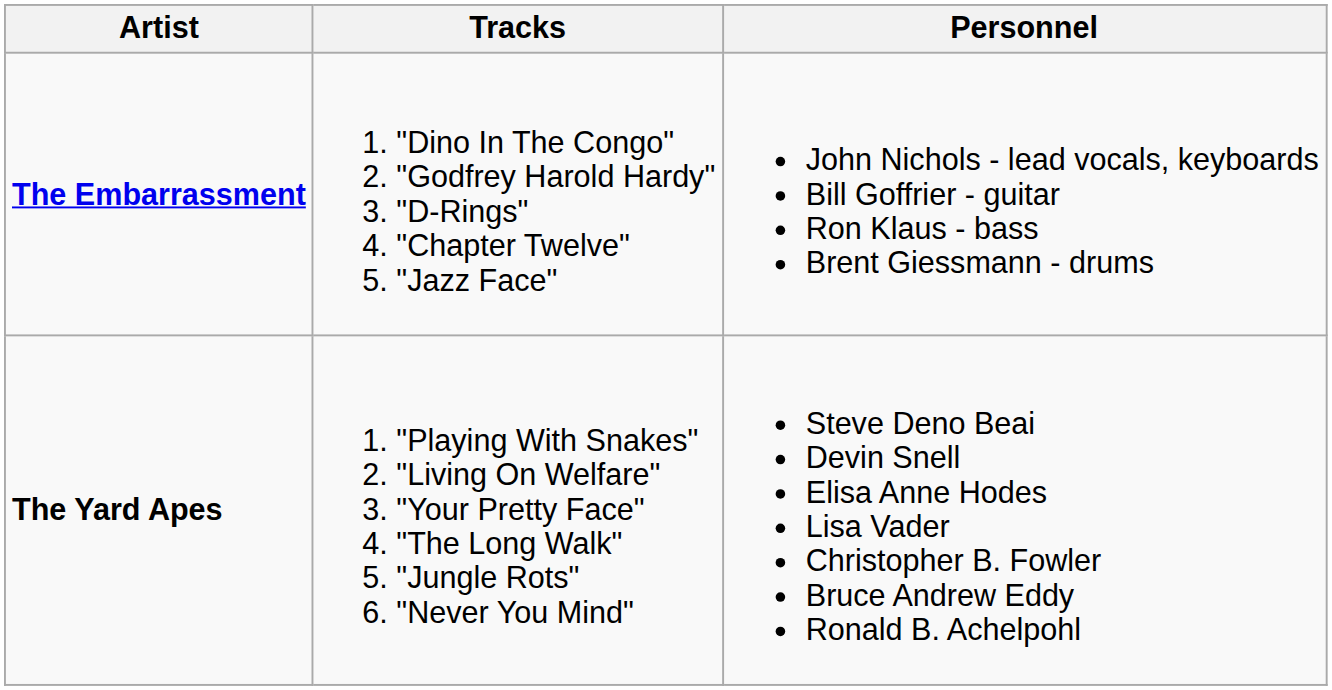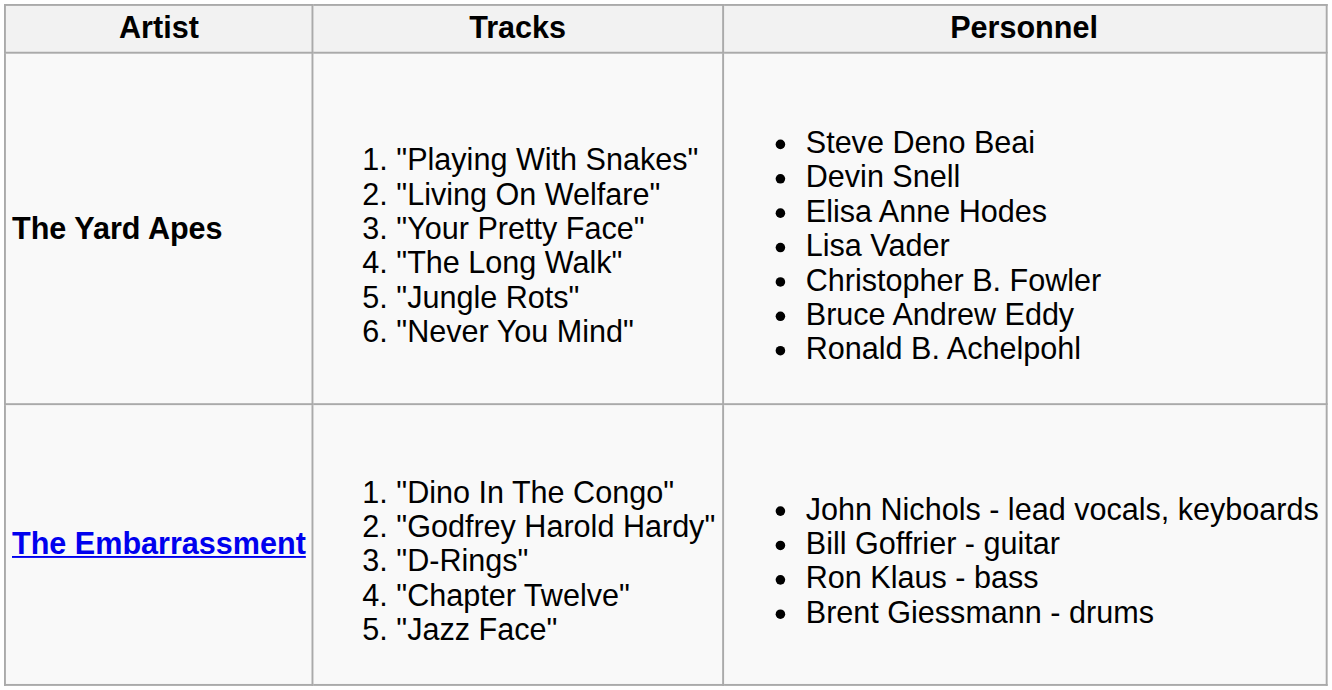 <table class="wikitable">
 <tr>
 <th>Artist</th>
 <th>Tracks</th>
 <th>Personnel</th>
 </tr>
 <tr>
+<td><strong>The Yard Apes</strong></td>
+<td><br><ol><li>"Playing With Snakes"</li><li>"Living On Welfare"</li><li>"Your Pretty Face"</li><li>"The Long Walk"</li><li>"Jungle Rots"</li><li>"Never You Mind"</li></ol></td>
+<td><br><ul><li>Steve Deno Beai</li><li>Devin Snell</li><li>Elisa Anne Hodes</li><li>Lisa Vader</li><li>Christopher B. Fowler</li><li>Bruce Andrew Eddy</li><li>Ronald B. Achelpohl</li></ul></td>
+</tr>
+<tr>
 <td><strong><a href='#'>The Embarrassment</a></strong></td>
 <td><br><ol><li>"Dino In The Congo"</li><li>"Godfrey Harold Hardy"</li><li>"D-Rings"</li><li>"Chapter Twelve"</li><li>"Jazz Face"</li></ol></td>
 <td><br><ul><li>John Nichols - lead vocals, keyboards</li><li>Bill Goffrier - guitar</li><li>Ron Klaus - bass</li><li>Brent Giessmann - drums</li></ul></td>
 </tr>
-<tr>
-<td><strong>The Yard Apes</strong></td>
-<td><br><ol><li>"Playing With Snakes"</li><li>"Living On Welfare"</li><li>"Your Pretty Face"</li><li>"The Long Walk"</li><li>"Jungle Rots"</li><li>"Never You Mind"</li></ol></td>
-<td><br><ul><li>Steve Deno Beai</li><li>Devin Snell</li><li>Elisa Anne Hodes</li><li>Lisa Vader</li><li>Christopher B. Fowler</li><li>Bruce Andrew Eddy</li><li>Ronald B. Achelpohl</li></ul></td>
-</tr>
 </table>
